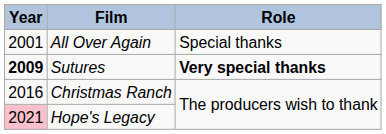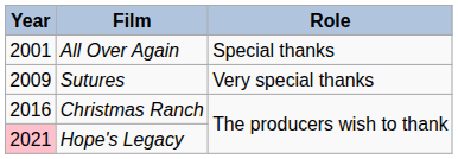 <table class="wikitable" style="font-size:95%;">
 <tr>
 <th style="background:#B0C4DE;">Year</th>
 <th style="background:#B0C4DE;">Film</th>
 <th style="background:#B0C4DE;">Role</th>
 </tr>
 <tr>
 <td>2001</td>
 <td><em>All Over Again</em></td>
 <td>Special thanks</td>
 </tr>
 <tr>
-<td><strong>2009</strong></td>
+<td>2009</td>
 <td><em>Sutures</em></td>
-<td><strong>Very special thanks</strong></td>
+<td>Very special thanks</td>
 </tr>
 <tr>
 <td>2016</td>
 <td><em>Christmas Ranch</em></td>
 <td rowspan=2>The producers wish to thank</td>
 </tr>
 <tr>
 <td style="background: pink;">2021</td>
 <td><em>Hope's Legacy</em></td>
 </tr>
 </table>
